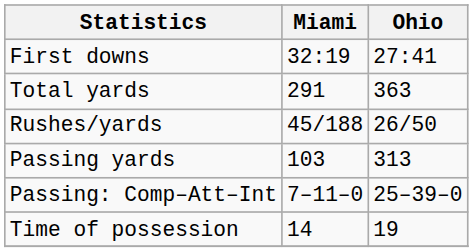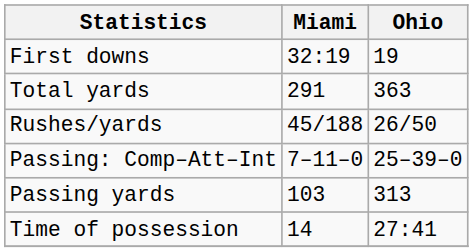 <table class="wikitable" style="float: left;">
 <tr>
 <th>Statistics</th>
 <th>Miami</th>
 <th>Ohio</th>
 </tr>
 <tr>
 <td>First downs</td>
 <td>32:19</td>
-<td>27:41</td>
+<td>19</td>
 </tr>
 <tr>
 <td>Total yards</td>
 <td>291</td>
 <td>363</td>
 </tr>
 <tr>
 <td>Rushes/yards</td>
 <td>45/188</td>
 <td>26/50</td>
 </tr>
 <tr>
+<td>Passing: Comp–Att–Int</td>
+<td>7–11–0</td>
+<td>25–39–0</td>
+</tr>
+<tr>
 <td>Passing yards</td>
 <td>103</td>
 <td>313</td>
 </tr>
 <tr>
-<td>Passing: Comp–Att–Int</td>
-<td>7–11–0</td>
-<td>25–39–0</td>
-</tr>
-<tr>
 <td>Time of possession</td>
 <td>14</td>
-<td>19</td>
+<td>27:41</td>
 </tr>
 <tr>
 </tr>
 </table>
